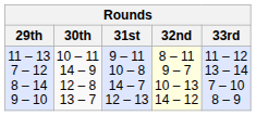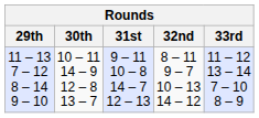 <table class="wikitable">
 <tr>
 <th colspan=5>Rounds</th>
 </tr>
 <tr>
 <th>29th</th>
 <th>30th</th>
 <th>31st</th>
 <th>32nd</th>
 <th>33rd</th>
 </tr>
 <tr align=center>
 <td bgcolor=DFE7FF>11 – 13 <br> 7 – 12 <br> 8 – 14 <br> 9 – 10</td>
 <td>10 – 11 <br> 14 – 9 <br> 12 – 8 <br> 13 – 7</td>
 <td bgcolor=DFE7FF>9 – 11 <br> 10 – 8 <br> 14 – 7 <br> 12 – 13</td>
-<td style="background: lightyellow;">8 – 11 <br> 9 – 7 <br> 10 – 13 <br> 14 – 12</td>
+<td>8 – 11 <br> 9 – 7 <br> 10 – 13 <br> 14 – 12</td>
 <td bgcolor=DFE7FF>11 – 12 <br> 13 – 14 <br> 7 – 10 <br> 8 – 9</td>
 </tr>
 </table>
